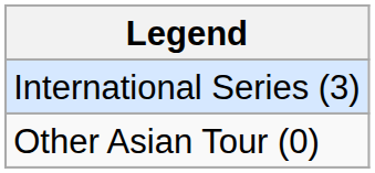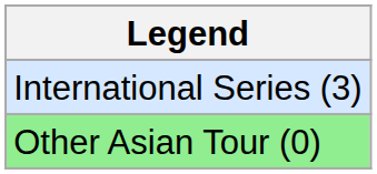 <table class="wikitable" style="font-size:95%;">
 <tr>
 <th>Legend</th>
 </tr>
 <tr style="background:#D6E8FF;">
 <td>International Series (3)</td>
 </tr>
 <tr>
-<td>Other Asian Tour (0)</td>
+<td style="background: lightgreen;">Other Asian Tour (0)</td>
 </tr>
 </table>
